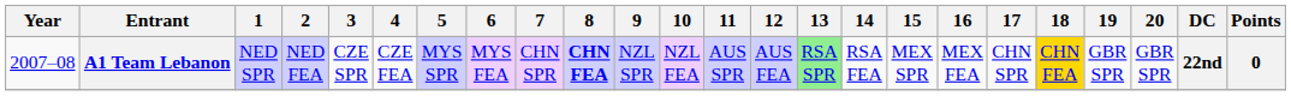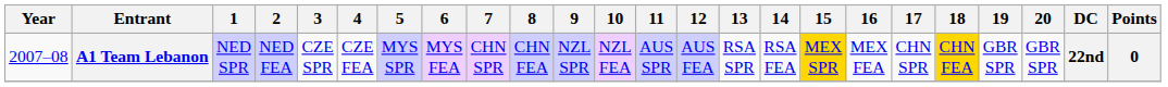 <table class="wikitable" style="text-align:center; font-size:90%">
 <tr>
 <th>Year</th>
 <th>Entrant</th>
 <th>1</th>
 <th>2</th>
 <th>3</th>
 <th>4</th>
 <th>5</th>
 <th>6</th>
 <th>7</th>
 <th>8</th>
 <th>9</th>
 <th>10</th>
 <th>11</th>
 <th>12</th>
 <th>13</th>
 <th>14</th>
 <th>15</th>
 <th>16</th>
 <th>17</th>
 <th>18</th>
 <th>19</th>
 <th>20</th>
 <th>DC</th>
 <th>Points</th>
 </tr>
 <tr>
 <td><a href='#'>2007–08</a></td>
 <th><a href='#'>A1 Team Lebanon</a></th>
 <td style=background:#CFCFFF><a href='#'>NED<br>SPR</a><br></td>
 <td style=background:#CFCFFF><a href='#'>NED<br>FEA</a><br></td>
 <td><a href='#'>CZE<br>SPR</a></td>
 <td><a href='#'>CZE<br>FEA</a></td>
 <td style=background:#CFCFFF><a href='#'>MYS<br>SPR</a><br></td>
 <td style=background:#EFCFFF><a href='#'>MYS<br>FEA</a><br></td>
 <td style=background:#EFCFFF><a href='#'>CHN<br>SPR</a><br></td>
-<td style=background:#CFCFFF><strong><a href='#'>CHN<br>FEA</a><br></strong></td>
+<td style=background:#CFCFFF><a href='#'>CHN<br>FEA</a><br></td>
 <td style=background:#CFCFFF><a href='#'>NZL<br>SPR</a><br></td>
 <td style=background:#EFCFFF><a href='#'>NZL<br>FEA</a><br></td>
 <td style=background:#CFCFFF><a href='#'>AUS<br>SPR</a><br></td>
 <td style=background:#CFCFFF><a href='#'>AUS<br>FEA</a><br></td>
-<td style="background: lightgreen;"><a href='#'>RSA<br>SPR</a></td>
+<td><a href='#'>RSA<br>SPR</a></td>
 <td><a href='#'>RSA<br>FEA</a></td>
-<td><a href='#'>MEX<br>SPR</a></td>
+<td style="background: gold;"><a href='#'>MEX<br>SPR</a></td>
 <td><a href='#'>MEX<br>FEA</a></td>
 <td><a href='#'>CHN<br>SPR</a></td>
 <td style="background: gold;"><a href='#'>CHN<br>FEA</a></td>
 <td><a href='#'>GBR<br>SPR</a></td>
 <td><a href='#'>GBR<br>SPR</a></td>
 <th>22nd</th>
 <th>0</th>
 </tr>
 <tr>
 </tr>
 </table>
